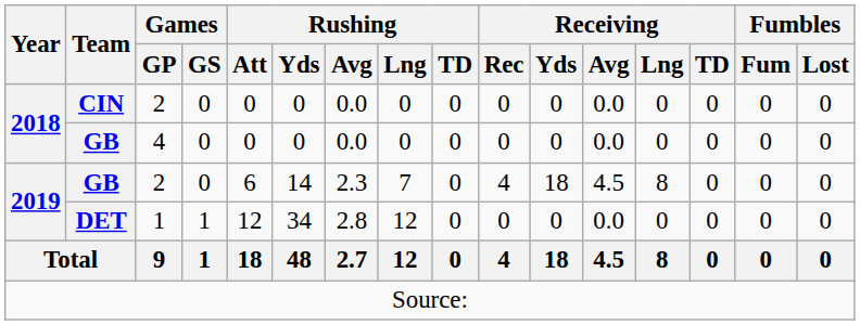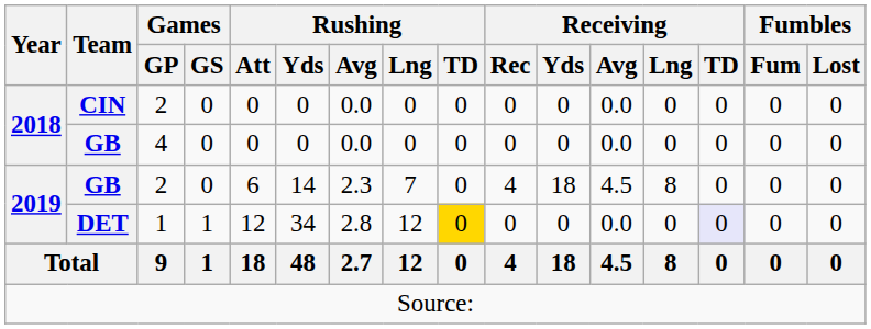 <table class="wikitable" style="text-align: center;">
 <tr>
 <th rowspan="2">Year</th>
 <th rowspan="2">Team</th>
 <th colspan="2">Games</th>
 <th colspan="5">Rushing</th>
 <th colspan="5">Receiving</th>
 <th colspan="2">Fumbles</th>
 </tr>
 <tr>
 <th>GP</th>
 <th>GS</th>
 <th>Att</th>
 <th>Yds</th>
 <th>Avg</th>
 <th>Lng</th>
 <th>TD</th>
 <th>Rec</th>
 <th>Yds</th>
 <th>Avg</th>
 <th>Lng</th>
 <th>TD</th>
 <th>Fum</th>
 <th>Lost</th>
 </tr>
 <tr>
 <th rowspan="2"><a href='#'>2018</a></th>
 <th><a href='#'>CIN</a></th>
 <td>2</td>
 <td>0</td>
 <td>0</td>
 <td>0</td>
 <td>0.0</td>
 <td>0</td>
 <td>0</td>
 <td>0</td>
 <td>0</td>
 <td>0.0</td>
 <td>0</td>
 <td>0</td>
 <td>0</td>
 <td>0</td>
 </tr>
 <tr>
 <th><a href='#'>GB</a></th>
 <td>4</td>
 <td>0</td>
 <td>0</td>
 <td>0</td>
 <td>0.0</td>
 <td>0</td>
 <td>0</td>
 <td>0</td>
 <td>0</td>
 <td>0.0</td>
 <td>0</td>
 <td>0</td>
 <td>0</td>
 <td>0</td>
 </tr>
 <tr>
 <th rowspan="2"><a href='#'>2019</a></th>
 <th><a href='#'>GB</a></th>
 <td>2</td>
 <td>0</td>
 <td>6</td>
 <td>14</td>
 <td>2.3</td>
 <td>7</td>
 <td>0</td>
 <td>4</td>
 <td>18</td>
 <td>4.5</td>
 <td>8</td>
 <td>0</td>
 <td>0</td>
 <td>0</td>
 </tr>
 <tr>
 <th><a href='#'>DET</a></th>
 <td>1</td>
 <td>1</td>
 <td>12</td>
 <td>34</td>
 <td>2.8</td>
 <td>12</td>
-<td>0</td>
+<td style="background: gold;">0</td>
 <td>0</td>
 <td>0</td>
 <td>0.0</td>
 <td>0</td>
-<td>0</td>
+<td style="background: lavender;">0</td>
 <td>0</td>
 <td>0</td>
 </tr>
 <tr>
 <th colspan="2">Total</th>
 <th>9</th>
 <th>1</th>
 <th>18</th>
 <th>48</th>
 <th>2.7</th>
 <th>12</th>
 <th>0</th>
 <th>4</th>
 <th>18</th>
 <th>4.5</th>
 <th>8</th>
 <th>0</th>
 <th>0</th>
 <th>0</th>
 </tr>
 <tr>
 <td colspan="16">Source: </td>
 </tr>
 </table>
